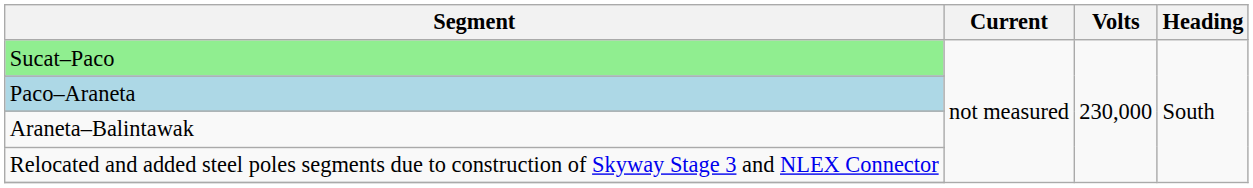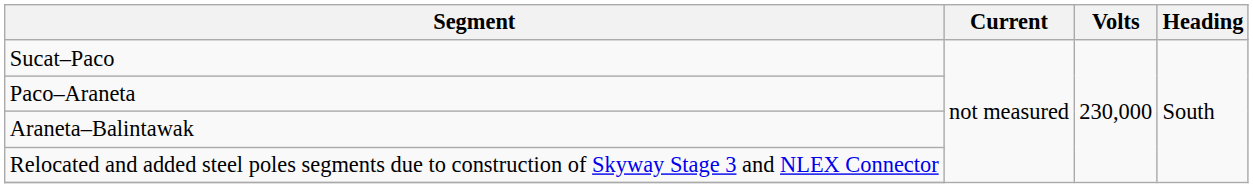 <table class="wikitable">
 <tr>
 <th>Segment</th>
 <th>Current</th>
 <th>Volts</th>
 <th>Heading</th>
 </tr>
 <tr>
-<td style="background: lightgreen;">Sucat–Paco</td>
+<td>Sucat–Paco</td>
 <td rowspan="6">not measured</td>
 <td rowspan="6">230,000</td>
 <td rowspan="6">South</td>
 </tr>
 <tr>
-<td style="background: lightblue;">Paco–Araneta</td>
+<td>Paco–Araneta</td>
 </tr>
 <tr>
 <td>Araneta–Balintawak</td>
 </tr>
 <tr>
 <td>Relocated and added steel poles segments due to construction of <a href='#'>Skyway Stage 3</a> and <a href='#'>NLEX Connector</a></td>
 </tr>
 <tr>
 </tr>
 </table>
